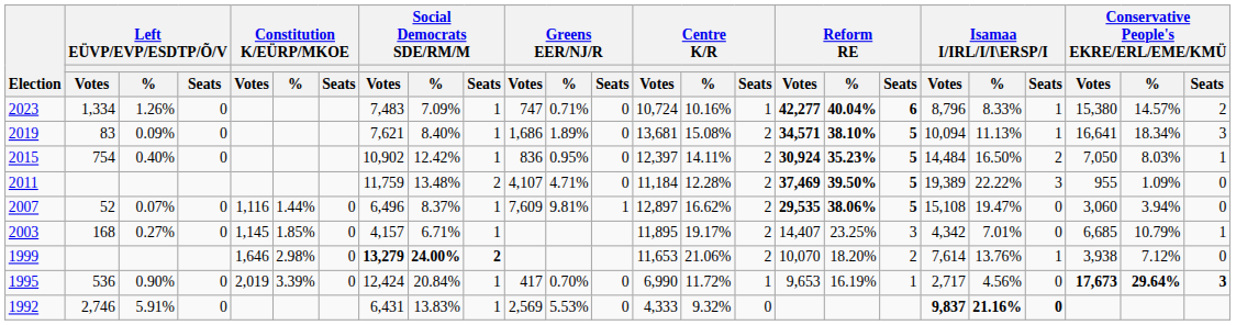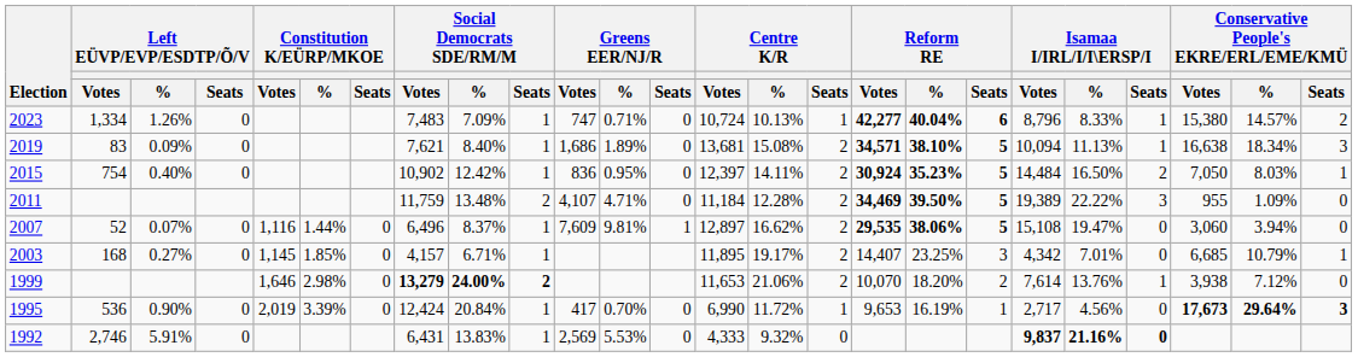 <table class="wikitable" border="1" style="font-size:80%; text-align:right;">
 <tr>
 <th style="text-align:left;" valign=bottom rowspan=3>Election</th>
 <th valign=bottom colspan=3><a href='#'>Left</a><br>EÜVP/EVP/ESDTP/Õ/V</th>
 <th valign=bottom colspan=3><a href='#'>Constitution</a><br>K/EÜRP/MKOE</th>
 <th valign=bottom colspan=3><a href='#'>Social<br>Democrats</a><br>SDE/RM/M</th>
 <th valign=bottom colspan=3><a href='#'>Greens</a><br>EER/NJ/R</th>
 <th valign=bottom colspan=3><a href='#'>Centre</a><br>K/R</th>
 <th valign=bottom colspan=3><a href='#'>Reform</a><br>RE</th>
 <th valign=bottom colspan=3><a href='#'>Isamaa</a><br>I/IRL/I/I\ERSP/I</th>
 <th valign=bottom colspan=3><a href='#'>Conservative<br>People's</a><br>EKRE/ERL/EME/KMÜ</th>
 </tr>
 <tr>
 <th colspan=3 style="background:"></th>
 <th colspan=3 style="background:"></th>
 <th colspan=3 style="background:"></th>
 <th colspan=3 style="background:"></th>
 <th colspan=3 style="background:"></th>
 <th colspan=3 style="background:"></th>
 <th colspan=3 style="background:"></th>
 <th colspan=3 style="background:"></th>
 </tr>
 <tr>
 <th>Votes</th>
 <th>%</th>
 <th>Seats</th>
 <th>Votes</th>
 <th>%</th>
 <th>Seats</th>
 <th>Votes</th>
 <th>%</th>
 <th>Seats</th>
 <th>Votes</th>
 <th>%</th>
 <th>Seats</th>
 <th>Votes</th>
 <th>%</th>
 <th>Seats</th>
 <th>Votes</th>
 <th>%</th>
 <th>Seats</th>
 <th>Votes</th>
 <th>%</th>
 <th>Seats</th>
 <th>Votes</th>
 <th>%</th>
 <th>Seats</th>
 </tr>
 <tr>
 <td align=left><a href='#'>2023</a></td>
 <td>1,334</td>
 <td>1.26%</td>
 <td>0</td>
 <td></td>
 <td></td>
 <td></td>
 <td>7,483</td>
 <td>7.09%</td>
 <td>1</td>
 <td>747</td>
 <td>0.71%</td>
 <td>0</td>
 <td>10,724</td>
-<td>10.16%</td>
+<td>10.13%</td>
 <td>1</td>
 <td><strong>42,277</strong></td>
 <td><strong>40.04%</strong></td>
 <td><strong>6</strong></td>
 <td>8,796</td>
 <td>8.33%</td>
 <td>1</td>
 <td>15,380</td>
 <td>14.57%</td>
 <td>2</td>
 </tr>
 <tr>
 <td align=left><a href='#'>2019</a></td>
 <td>83</td>
 <td>0.09%</td>
 <td>0</td>
 <td></td>
 <td></td>
 <td></td>
 <td>7,621</td>
 <td>8.40%</td>
 <td>1</td>
 <td>1,686</td>
 <td>1.89%</td>
 <td>0</td>
 <td>13,681</td>
 <td>15.08%</td>
 <td>2</td>
 <td><strong>34,571</strong></td>
 <td><strong>38.10%</strong></td>
 <td><strong>5</strong></td>
 <td>10,094</td>
 <td>11.13%</td>
 <td>1</td>
-<td>16,641</td>
+<td>16,638</td>
 <td>18.34%</td>
 <td>3</td>
 </tr>
 <tr>
 <td align=left><a href='#'>2015</a></td>
 <td>754</td>
 <td>0.40%</td>
 <td>0</td>
 <td></td>
 <td></td>
 <td></td>
 <td>10,902</td>
 <td>12.42%</td>
 <td>1</td>
 <td>836</td>
 <td>0.95%</td>
 <td>0</td>
 <td>12,397</td>
 <td>14.11%</td>
 <td>2</td>
 <td><strong>30,924</strong></td>
 <td><strong>35.23%</strong></td>
 <td><strong>5</strong></td>
 <td>14,484</td>
 <td>16.50%</td>
 <td>2</td>
 <td>7,050</td>
 <td>8.03%</td>
 <td>1</td>
 </tr>
 <tr>
 <td align=left><a href='#'>2011</a></td>
 <td></td>
 <td></td>
 <td></td>
 <td></td>
 <td></td>
 <td></td>
 <td>11,759</td>
 <td>13.48%</td>
 <td>2</td>
 <td>4,107</td>
 <td>4.71%</td>
 <td>0</td>
 <td>11,184</td>
 <td>12.28%</td>
 <td>2</td>
-<td><strong>37,469</strong></td>
+<td><strong>34,469</strong></td>
 <td><strong>39.50%</strong></td>
 <td><strong>5</strong></td>
 <td>19,389</td>
 <td>22.22%</td>
 <td>3</td>
 <td>955</td>
 <td>1.09%</td>
 <td>0</td>
 </tr>
 <tr>
 <td align=left><a href='#'>2007</a></td>
 <td>52</td>
 <td>0.07%</td>
 <td>0</td>
 <td>1,116</td>
 <td>1.44%</td>
 <td>0</td>
 <td>6,496</td>
 <td>8.37%</td>
 <td>1</td>
 <td>7,609</td>
 <td>9.81%</td>
 <td>1</td>
 <td>12,897</td>
 <td>16.62%</td>
 <td>2</td>
 <td><strong>29,535</strong></td>
 <td><strong>38.06%</strong></td>
 <td><strong>5</strong></td>
 <td>15,108</td>
 <td>19.47%</td>
 <td>0</td>
 <td>3,060</td>
 <td>3.94%</td>
 <td>0</td>
 </tr>
 <tr>
 <td align=left><a href='#'>2003</a></td>
 <td>168</td>
 <td>0.27%</td>
 <td>0</td>
 <td>1,145</td>
 <td>1.85%</td>
 <td>0</td>
 <td>4,157</td>
 <td>6.71%</td>
 <td>1</td>
 <td></td>
 <td></td>
 <td></td>
 <td>11,895</td>
 <td>19.17%</td>
 <td>2</td>
 <td>14,407</td>
 <td>23.25%</td>
 <td>3</td>
 <td>4,342</td>
 <td>7.01%</td>
 <td>0</td>
 <td>6,685</td>
 <td>10.79%</td>
 <td>1</td>
 </tr>
 <tr>
 <td align=left><a href='#'>1999</a></td>
 <td></td>
 <td></td>
 <td></td>
 <td>1,646</td>
 <td>2.98%</td>
 <td>0</td>
 <td><strong>13,279</strong></td>
 <td><strong>24.00%</strong></td>
 <td><strong>2</strong></td>
 <td></td>
 <td></td>
 <td></td>
 <td>11,653</td>
 <td>21.06%</td>
 <td>2</td>
 <td>10,070</td>
 <td>18.20%</td>
 <td>2</td>
 <td>7,614</td>
 <td>13.76%</td>
 <td>1</td>
 <td>3,938</td>
 <td>7.12%</td>
 <td>0</td>
 </tr>
 <tr>
 <td align=left><a href='#'>1995</a></td>
 <td>536</td>
 <td>0.90%</td>
 <td>0</td>
 <td>2,019</td>
 <td>3.39%</td>
 <td>0</td>
 <td>12,424</td>
 <td>20.84%</td>
 <td>1</td>
 <td>417</td>
 <td>0.70%</td>
 <td>0</td>
 <td>6,990</td>
 <td>11.72%</td>
 <td>1</td>
 <td>9,653</td>
 <td>16.19%</td>
 <td>1</td>
 <td>2,717</td>
 <td>4.56%</td>
 <td>0</td>
 <td><strong>17,673</strong></td>
 <td><strong>29.64%</strong></td>
 <td><strong>3</strong></td>
 </tr>
 <tr>
 <td align=left><a href='#'>1992</a></td>
 <td>2,746</td>
 <td>5.91%</td>
 <td>0</td>
 <td></td>
 <td></td>
 <td></td>
 <td>6,431</td>
 <td>13.83%</td>
 <td>1</td>
 <td>2,569</td>
 <td>5.53%</td>
 <td>0</td>
 <td>4,333</td>
 <td>9.32%</td>
 <td>0</td>
 <td></td>
 <td></td>
 <td></td>
 <td><strong>9,837</strong></td>
 <td><strong>21.16%</strong></td>
 <td><strong>0</strong></td>
 <td></td>
 <td></td>
 <td></td>
 </tr>
 </table>
